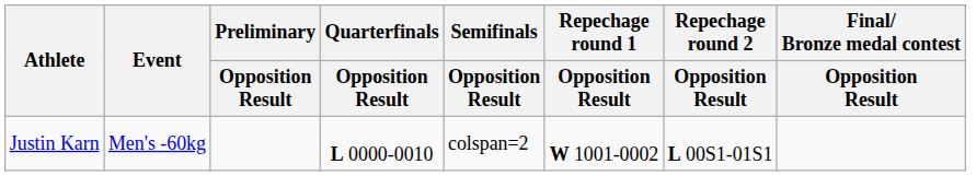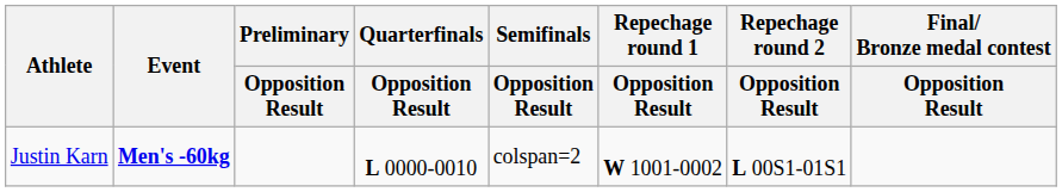 <table class= wikitable style="font-size:90%">
 <tr>
 <th rowspan="2">Athlete</th>
 <th rowspan="2">Event</th>
 <th>Preliminary</th>
 <th>Quarterfinals</th>
 <th>Semifinals</th>
 <th>Repechage <br>round 1</th>
 <th>Repechage <br>round 2</th>
 <th>Final/<br>Bronze medal contest</th>
 </tr>
 <tr>
 <th>Opposition<br>Result</th>
 <th>Opposition<br>Result</th>
 <th>Opposition<br>Result</th>
 <th>Opposition<br>Result</th>
 <th>Opposition<br>Result</th>
 <th>Opposition<br>Result</th>
 </tr>
 <tr>
 <td><a href='#'>Justin Karn</a></td>
-<td style="text-align:center;"><a href='#'>Men's -60kg</a></td>
+<td style="text-align:center;"><strong><a href='#'>Men's -60kg</a></strong></td>
 <td></td>
 <td style="text-align:center;"><br><strong>L</strong> 0000-0010</td>
 <td>colspan=2 </td>
 <td style="text-align:center;"><br><strong>W</strong> 1001-0002</td>
 <td style="text-align:center;"><br><strong>L</strong> 00S1-01S1</td>
 </tr>
 </table>
